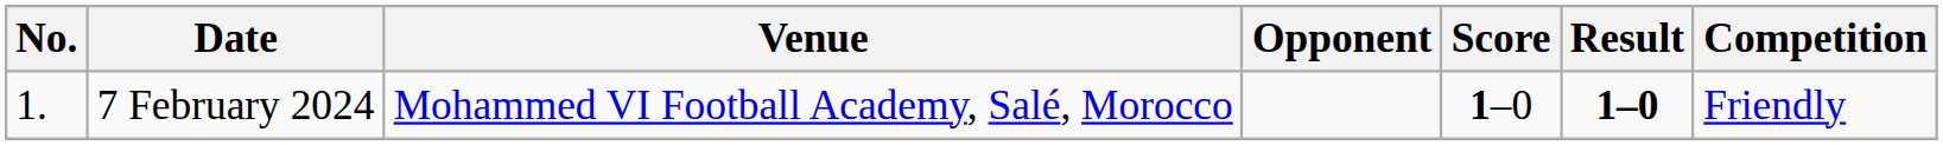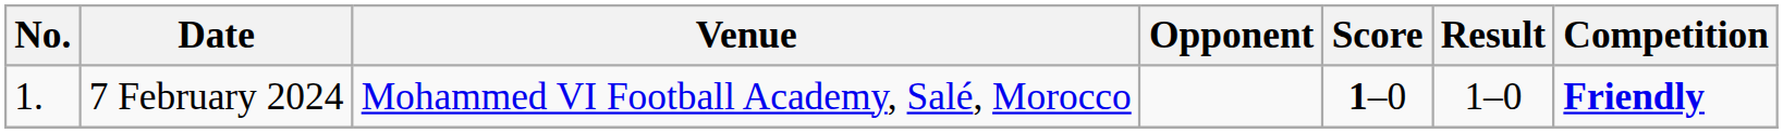 <table class="wikitable">
 <tr>
 <th>No.</th>
 <th>Date</th>
 <th>Venue</th>
 <th>Opponent</th>
 <th>Score</th>
 <th>Result</th>
 <th>Competition</th>
 </tr>
 <tr>
 <td>1.</td>
 <td>7 February 2024</td>
 <td><a href='#'>Mohammed VI Football Academy</a>, <a href='#'>Salé</a>, <a href='#'>Morocco</a></td>
 <td></td>
 <td align=center><strong>1</strong>–0</td>
-<td align=center><strong>1–0</strong></td>
-<td><a href='#'>Friendly</a></td>
+<td align=center>1–0</td>
+<td><strong><a href='#'>Friendly</a></strong></td>
 </tr>
 <tr>
 </tr>
 </table>
